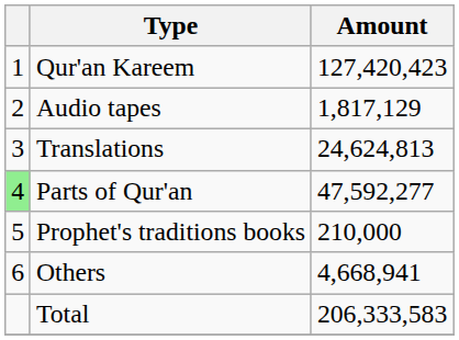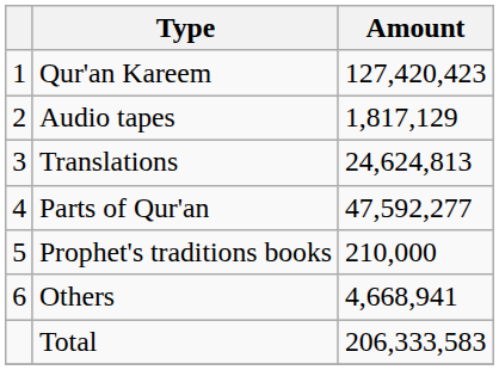 <table class="wikitable" border="1">
 <tr>
 <th></th>
 <th>Type</th>
 <th>Amount</th>
 </tr>
 <tr>
 <td>1</td>
 <td>Qur'an Kareem</td>
 <td>127,420,423</td>
 </tr>
 <tr>
 <td>2</td>
 <td>Audio tapes</td>
 <td>1,817,129</td>
 </tr>
 <tr>
 <td>3</td>
 <td>Translations</td>
 <td>24,624,813</td>
 </tr>
 <tr>
-<td style="background: lightgreen;">4</td>
+<td>4</td>
 <td>Parts of Qur'an</td>
 <td>47,592,277</td>
 </tr>
 <tr>
 <td>5</td>
 <td>Prophet's traditions books</td>
 <td>210,000</td>
 </tr>
 <tr>
 <td>6</td>
 <td>Others</td>
 <td>4,668,941</td>
 </tr>
 <tr>
 <td></td>
 <td>Total</td>
 <td>206,333,583</td>
 </tr>
 <tr>
 </tr>
 </table>
